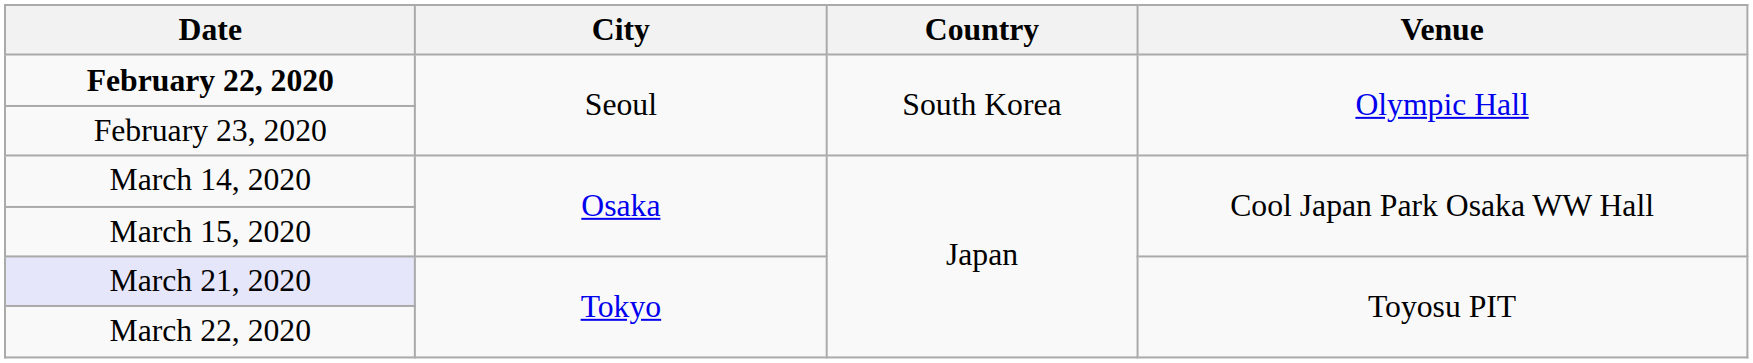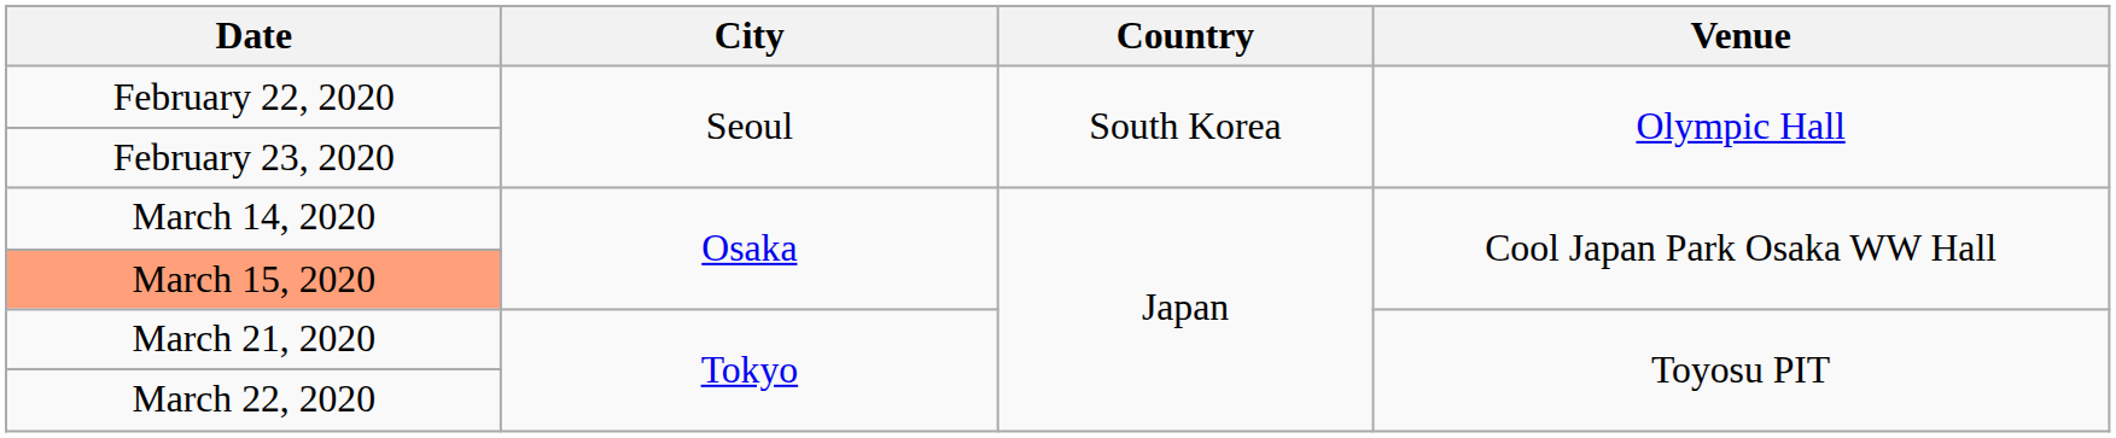 <table class="wikitable" style="text-align:center;">
 <tr>
 <th width="200">Date</th>
 <th width="200">City</th>
 <th width="150">Country</th>
 <th width="300">Venue</th>
 </tr>
 <tr>
-<td><strong>February 22, 2020</strong></td>
+<td>February 22, 2020</td>
 <td rowspan="2">Seoul</td>
 <td rowspan="2">South Korea</td>
 <td rowspan="2"><a href='#'>Olympic Hall</a></td>
 </tr>
 <tr>
 <td>February 23, 2020</td>
 </tr>
 <tr>
 <td>March 14, 2020</td>
 <td rowspan="2"><a href='#'>Osaka</a></td>
 <td rowspan="4">Japan</td>
 <td rowspan="2">Cool Japan Park Osaka WW Hall</td>
 </tr>
 <tr>
-<td>March 15, 2020</td>
+<td style="background: lightsalmon;">March 15, 2020</td>
 </tr>
 <tr>
-<td style="background: lavender;">March 21, 2020</td>
+<td>March 21, 2020</td>
 <td rowspan="2"><a href='#'>Tokyo</a></td>
 <td rowspan="2">Toyosu PIT</td>
 </tr>
 <tr>
 <td>March 22, 2020</td>
 </tr>
 </table>
